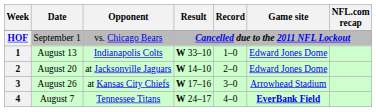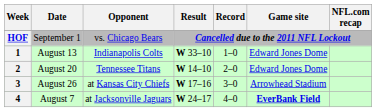 <table class="wikitable" align="center" style="font-size: 92%">
 <tr>
 <th>Week</th>
 <th>Date</th>
 <th>Opponent</th>
 <th>Result</th>
 <th>Record</th>
 <th>Game site</th>
 <th>NFL.com<br>recap</th>
 </tr>
 <tr>
 </tr>
 <tr style="background:#bababa;">
 <th><a href='#'>HOF</a></th>
 <td style="text-align:center;">September 1</td>
 <td style="text-align:center;">vs. <a href='#'>Chicago Bears</a></td>
 <td style="text-align:center;" colspan="5"><strong><em><a href='#'>Cancelled</a> due to the <a href='#'>2011 NFL Lockout</a></em></strong></td>
 </tr>
 <tr style="background:#cfc">
 <th>1</th>
 <td style="text-align:center;">August 13</td>
 <td style="text-align:center;"><a href='#'>Indianapolis Colts</a></td>
 <td style="text-align:center;"><strong>W</strong> 33–10</td>
 <td style="text-align:center;">1–0</td>
 <td style="text-align:center;"><a href='#'>Edward Jones Dome</a></td>
 <td style="text-align:center;"></td>
 </tr>
 <tr style="background:#cfc">
 <th>2</th>
 <td style="text-align:center;">August 20</td>
-<td style="text-align:center;">at <a href='#'>Jacksonville Jaguars</a></td>
+<td style="text-align:center;"><a href='#'>Tennessee Titans</a></td>
 <td style="text-align:center;"><strong>W</strong> 14–10</td>
 <td style="text-align:center;">2–0</td>
 <td style="text-align:center;"><a href='#'>Edward Jones Dome</a></td>
 <td style="text-align:center;"></td>
 </tr>
 <tr style="background:#cfc">
 <th>3</th>
 <td style="text-align:center;">August 26</td>
 <td style="text-align:center;">at <a href='#'>Kansas City Chiefs</a></td>
 <td style="text-align:center;"><strong>W</strong> 17–16</td>
 <td style="text-align:center;">3–0</td>
 <td style="text-align:center;"><a href='#'>Arrowhead Stadium</a></td>
 <td style="text-align:center;"></td>
 </tr>
 <tr style="background:#cfc">
 <th>4</th>
 <td style="text-align:center;">August 7</td>
-<td style="text-align:center;"><a href='#'>Tennessee Titans</a></td>
+<td style="text-align:center;">at <a href='#'>Jacksonville Jaguars</a></td>
 <td style="text-align:center;"><strong>W</strong> 24–17</td>
 <td style="text-align:center;">4–0</td>
 <td style="text-align:center;"><strong><a href='#'>EverBank Field</a></strong></td>
 <td style="text-align:center;"></td>
 </tr>
 </table>
